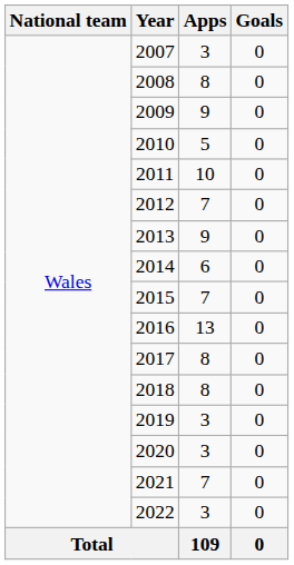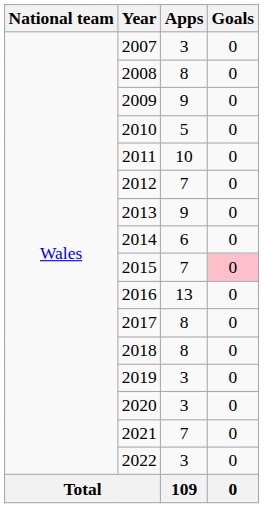 <table class=wikitable style="text-align: center;">
 <tr>
 <th>National team</th>
 <th>Year</th>
 <th>Apps</th>
 <th>Goals</th>
 </tr>
 <tr>
 <td rowspan="16"><a href='#'>Wales</a></td>
 <td>2007</td>
 <td>3</td>
 <td>0</td>
 </tr>
 <tr>
 <td>2008</td>
 <td>8</td>
 <td>0</td>
 </tr>
 <tr>
 <td>2009</td>
 <td>9</td>
 <td>0</td>
 </tr>
 <tr>
 <td>2010</td>
 <td>5</td>
 <td>0</td>
 </tr>
 <tr>
 <td>2011</td>
 <td>10</td>
 <td>0</td>
 </tr>
 <tr>
 <td>2012</td>
 <td>7</td>
 <td>0</td>
 </tr>
 <tr>
 <td>2013</td>
 <td>9</td>
 <td>0</td>
 </tr>
 <tr>
 <td>2014</td>
 <td>6</td>
 <td>0</td>
 </tr>
 <tr>
 <td>2015</td>
 <td>7</td>
-<td>0</td>
+<td style="background: pink;">0</td>
 </tr>
 <tr>
 <td>2016</td>
 <td>13</td>
 <td>0</td>
 </tr>
 <tr>
 <td>2017</td>
 <td>8</td>
 <td>0</td>
 </tr>
 <tr>
 <td>2018</td>
 <td>8</td>
 <td>0</td>
 </tr>
 <tr>
 <td>2019</td>
 <td>3</td>
 <td>0</td>
 </tr>
 <tr>
 <td>2020</td>
 <td>3</td>
 <td>0</td>
 </tr>
 <tr>
 <td>2021</td>
 <td>7</td>
 <td>0</td>
 </tr>
 <tr>
 <td>2022</td>
 <td>3</td>
 <td>0</td>
 </tr>
 <tr>
 <th colspan="2">Total</th>
 <th>109</th>
 <th>0</th>
 </tr>
 </table>
